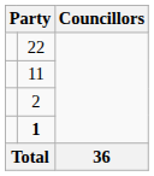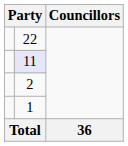 <table class="wikitable">
 <tr>
 <th colspan=2>Party</th>
 <th>Councillors</th>
 </tr>
 <tr>
 <td></td>
 <td align=center>22</td>
 </tr>
 <tr>
 <td></td>
-<td align=center>11</td>
+<td align=center style="background: lavender;">11</td>
 </tr>
 <tr>
 <td></td>
 <td align=center>2</td>
 </tr>
 <tr>
 <td></td>
-<td align=center><strong>1</strong></td>
+<td align=center>1</td>
 </tr>
 <tr>
 <th colspan=2>Total</th>
 <th align=center>36</th>
 </tr>
 </table>
